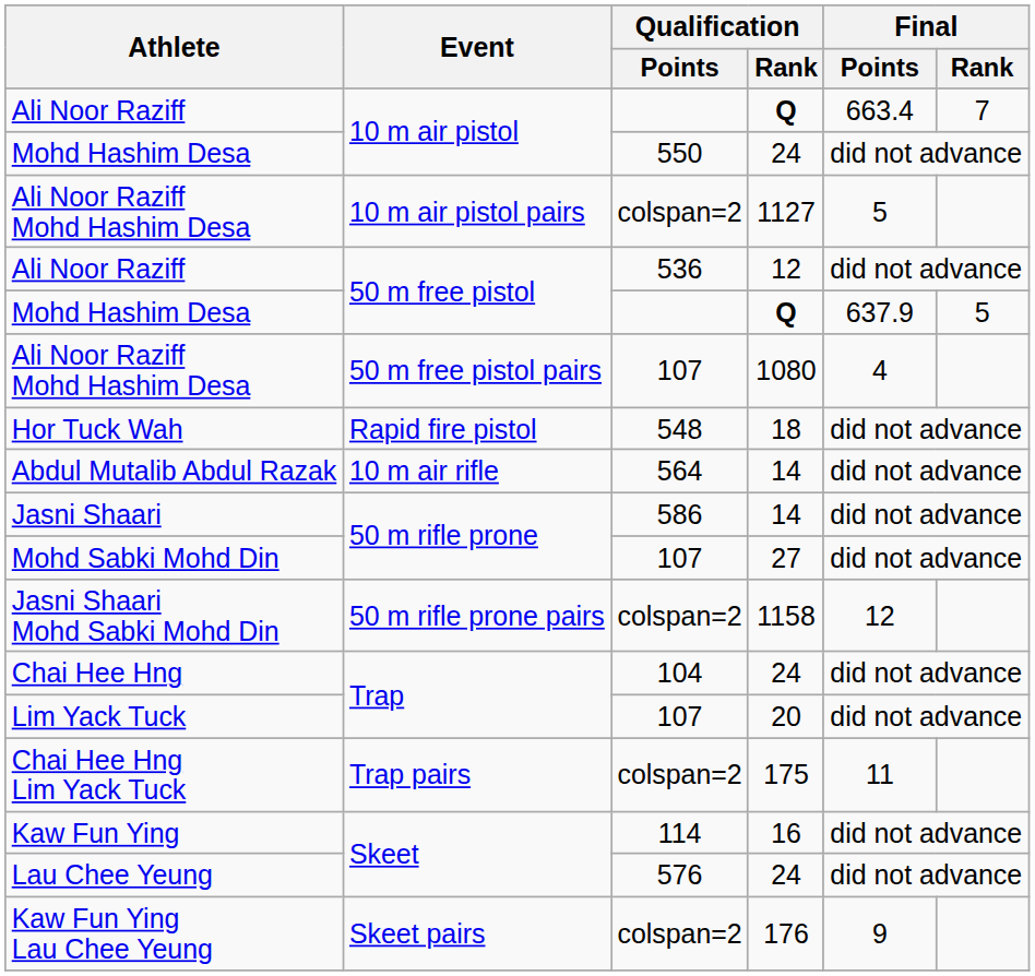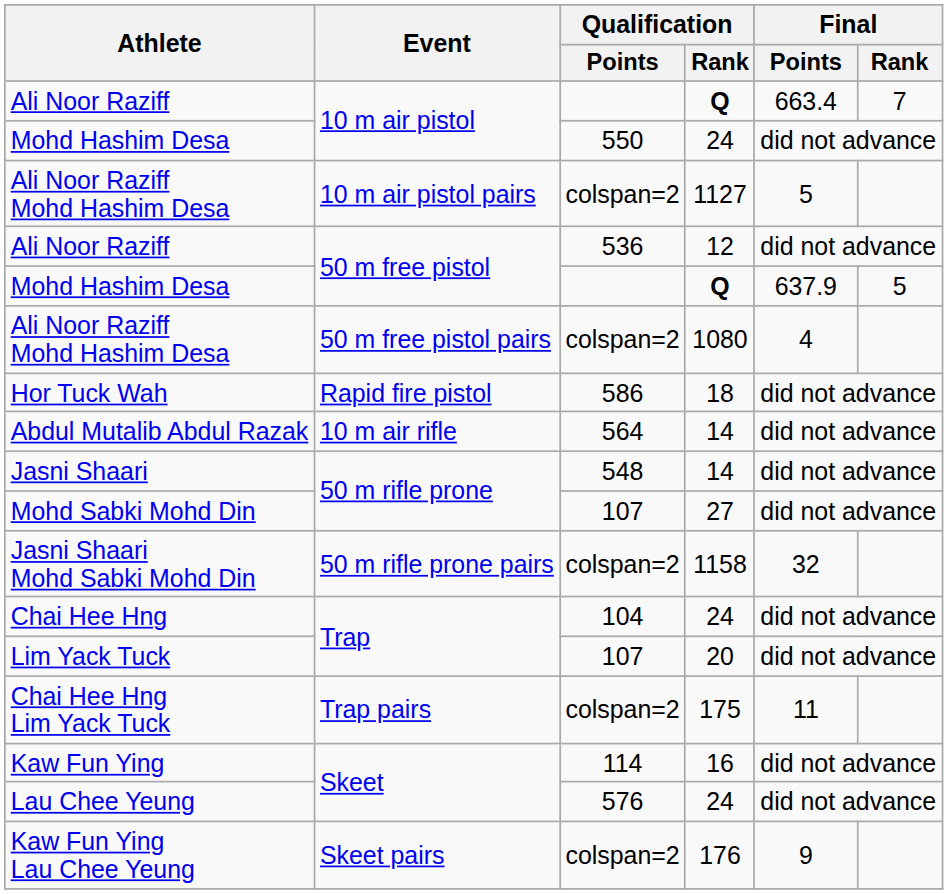 <table class="wikitable" style="font-size:90%;">
 <tr>
 <th rowspan=2>Athlete</th>
 <th rowspan=2>Event</th>
 <th colspan=2>Qualification</th>
 <th colspan=2>Final</th>
 </tr>
 <tr style="font-size:95%">
 <th>Points</th>
 <th>Rank</th>
 <th>Points</th>
 <th>Rank</th>
 </tr>
 <tr align=center>
 <td align=left><a href='#'>Ali Noor Raziff</a></td>
 <td align=left rowspan=2><a href='#'>10 m air pistol</a></td>
 <td></td>
 <td><strong>Q</strong></td>
 <td>663.4</td>
 <td>7</td>
 </tr>
 <tr align=center>
 <td align=left><a href='#'>Mohd Hashim Desa</a></td>
 <td>550</td>
 <td>24</td>
 <td colspan=2>did not advance</td>
 </tr>
 <tr align=center>
 <td align=left><a href='#'>Ali Noor Raziff</a><br><a href='#'>Mohd Hashim Desa</a></td>
 <td align=left><a href='#'>10 m air pistol pairs</a></td>
 <td>colspan=2 </td>
 <td>1127</td>
 <td>5</td>
 </tr>
 <tr align=center>
 <td align=left><a href='#'>Ali Noor Raziff</a></td>
 <td align=left rowspan=2><a href='#'>50 m free pistol</a></td>
 <td>536</td>
 <td>12</td>
 <td colspan=2>did not advance</td>
 </tr>
 <tr align=center>
 <td align=left><a href='#'>Mohd Hashim Desa</a></td>
 <td></td>
 <td><strong>Q</strong></td>
 <td>637.9</td>
 <td>5</td>
 </tr>
 <tr align=center>
 <td align=left><a href='#'>Ali Noor Raziff</a><br><a href='#'>Mohd Hashim Desa</a></td>
 <td align=left><a href='#'>50 m free pistol pairs</a></td>
-<td>107</td>
+<td>colspan=2 </td>
 <td>1080</td>
 <td>4</td>
 </tr>
 <tr align=center>
 <td align=left><a href='#'>Hor Tuck Wah</a></td>
 <td align=left><a href='#'>Rapid fire pistol</a></td>
-<td>548</td>
+<td>586</td>
 <td>18</td>
 <td colspan=2>did not advance</td>
 </tr>
 <tr align=center>
 <td align=left><a href='#'>Abdul Mutalib Abdul Razak</a></td>
 <td align=left><a href='#'>10 m air rifle</a></td>
 <td>564</td>
 <td>14</td>
 <td colspan=2>did not advance</td>
 </tr>
 <tr align=center>
 <td align=left><a href='#'>Jasni Shaari</a></td>
 <td align=left rowspan=2><a href='#'>50 m rifle prone</a></td>
-<td>586</td>
+<td>548</td>
 <td>14</td>
 <td colspan=2>did not advance</td>
 </tr>
 <tr align=center>
 <td align=left><a href='#'>Mohd Sabki Mohd Din</a></td>
 <td>107</td>
 <td>27</td>
 <td colspan=2>did not advance</td>
 </tr>
 <tr align=center>
 <td align=left><a href='#'>Jasni Shaari</a><br><a href='#'>Mohd Sabki Mohd Din</a></td>
 <td align=left><a href='#'>50 m rifle prone pairs</a></td>
 <td>colspan=2 </td>
 <td>1158</td>
-<td>12</td>
+<td>32</td>
 </tr>
 <tr align=center>
 <td align=left><a href='#'>Chai Hee Hng</a></td>
 <td align=left rowspan=2><a href='#'>Trap</a></td>
 <td>104</td>
 <td>24</td>
 <td colspan=2>did not advance</td>
 </tr>
 <tr align=center>
 <td align=left><a href='#'>Lim Yack Tuck</a></td>
 <td>107</td>
 <td>20</td>
 <td colspan=2>did not advance</td>
 </tr>
 <tr align=center>
 <td align=left><a href='#'>Chai Hee Hng</a><br><a href='#'>Lim Yack Tuck</a></td>
 <td align=left><a href='#'>Trap pairs</a></td>
 <td>colspan=2 </td>
 <td>175</td>
 <td>11</td>
 </tr>
 <tr align=center>
 <td align=left><a href='#'>Kaw Fun Ying</a></td>
 <td align=left rowspan=2><a href='#'>Skeet</a></td>
 <td>114</td>
 <td>16</td>
 <td colspan=2>did not advance</td>
 </tr>
 <tr align=center>
 <td align=left><a href='#'>Lau Chee Yeung</a></td>
 <td>576</td>
 <td>24</td>
 <td colspan=2>did not advance</td>
 </tr>
 <tr align=center>
 <td align=left><a href='#'>Kaw Fun Ying</a><br><a href='#'>Lau Chee Yeung</a></td>
 <td align=left><a href='#'>Skeet pairs</a></td>
 <td>colspan=2 </td>
 <td>176</td>
 <td>9</td>
 </tr>
 </table>
